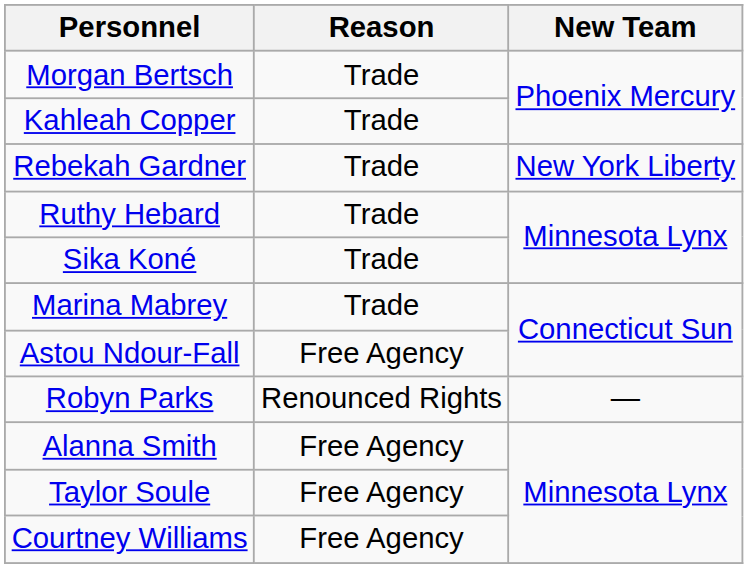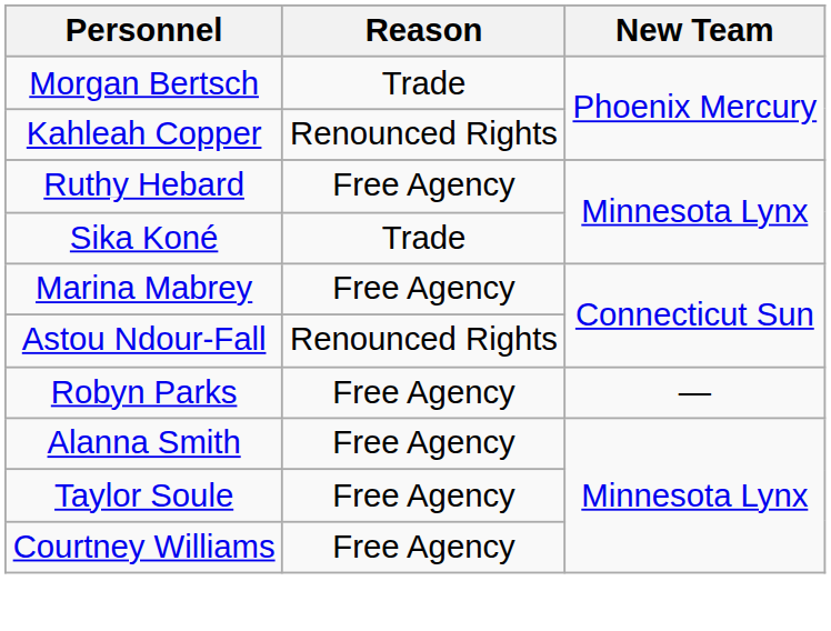 <table class="wikitable" style="text-align: center">
 <tr align="center"  bgcolor="#dddddd">
 <th><strong>Personnel</strong></th>
 <th><strong>Reason</strong></th>
 <th><strong>New Team</strong></th>
 </tr>
 <tr>
 <td><a href='#'>Morgan Bertsch</a></td>
 <td>Trade</td>
 <td rowspan=2><a href='#'>Phoenix Mercury</a></td>
 </tr>
 <tr>
 <td><a href='#'>Kahleah Copper</a></td>
-<td>Trade</td>
-</tr>
-<tr>
-<td><a href='#'>Rebekah Gardner</a></td>
-<td>Trade</td>
-<td><a href='#'>New York Liberty</a></td>
+<td>Renounced Rights</td>
 </tr>
 <tr>
 <td><a href='#'>Ruthy Hebard</a></td>
-<td>Trade</td>
+<td>Free Agency</td>
 <td rowspan=2><a href='#'>Minnesota Lynx</a></td>
 </tr>
 <tr>
 <td><a href='#'>Sika Koné</a></td>
 <td>Trade</td>
 </tr>
 <tr>
 <td><a href='#'>Marina Mabrey</a></td>
-<td>Trade</td>
+<td>Free Agency</td>
 <td rowspan=2><a href='#'>Connecticut Sun</a></td>
 </tr>
 <tr>
 <td><a href='#'>Astou Ndour-Fall</a></td>
-<td>Free Agency</td>
+<td>Renounced Rights</td>
 </tr>
 <tr>
 <td><a href='#'>Robyn Parks</a></td>
-<td>Renounced Rights</td>
+<td>Free Agency</td>
 <td>—</td>
 </tr>
 <tr>
 <td><a href='#'>Alanna Smith</a></td>
 <td>Free Agency</td>
 <td rowspan=3><a href='#'>Minnesota Lynx</a></td>
 </tr>
 <tr>
 <td><a href='#'>Taylor Soule</a></td>
 <td>Free Agency</td>
 </tr>
 <tr>
 <td><a href='#'>Courtney Williams</a></td>
 <td>Free Agency</td>
 </tr>
 </table>
